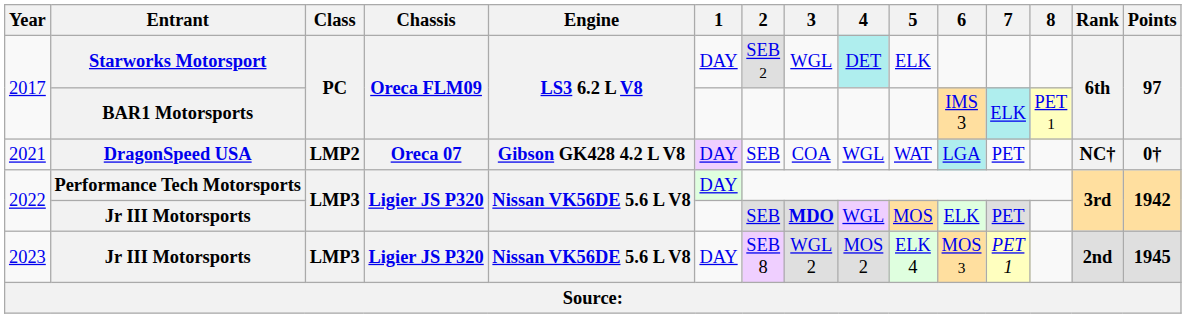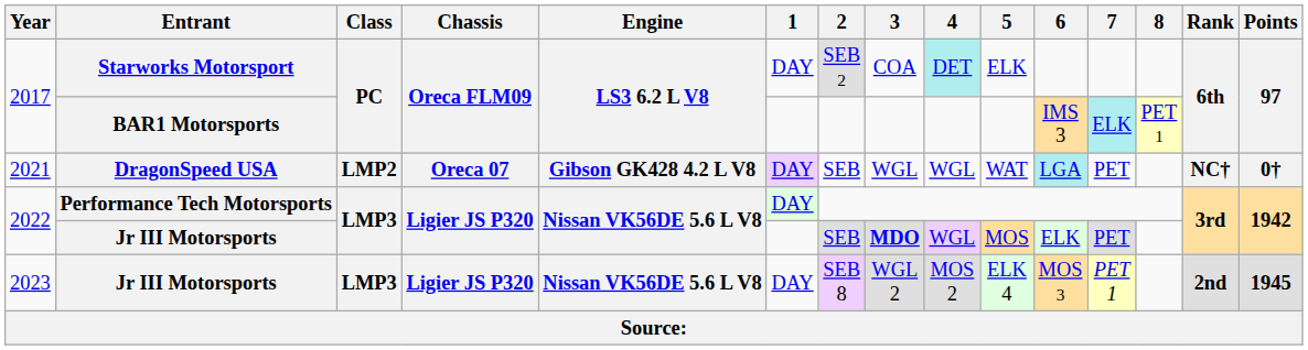 <table class="wikitable" style="text-align:center; font-size:90%">
 <tr>
 <th>Year</th>
 <th>Entrant</th>
 <th>Class</th>
 <th>Chassis</th>
 <th>Engine</th>
 <th>1</th>
 <th>2</th>
 <th>3</th>
 <th>4</th>
 <th>5</th>
 <th>6</th>
 <th>7</th>
 <th>8</th>
 <th>Rank</th>
 <th>Points</th>
 </tr>
 <tr>
 <td rowspan=2><a href='#'>2017</a></td>
 <th><a href='#'>Starworks Motorsport</a></th>
 <th rowspan=2>PC</th>
 <th rowspan=2><a href='#'>Oreca FLM09</a></th>
 <th rowspan=2><a href='#'>LS3</a> 6.2 L <a href='#'>V8</a></th>
 <td><a href='#'>DAY</a> <br><small> </small></td>
 <td style="background:#DFDFDF;"><a href='#'>SEB</a><br><small>2</small></td>
-<td><a href='#'>WGL</a></td>
+<td><a href='#'>COA</a> <br><small> </small></td>
 <td style="background: paleturquoise;"><a href='#'>DET</a> <br><small> </small></td>
 <td><a href='#'>ELK</a></td>
 <td></td>
 <td></td>
 <td></td>
 <th rowspan=2>6th</th>
 <th rowspan=2>97</th>
 </tr>
 <tr>
 <th>BAR1 Motorsports</th>
 <td></td>
 <td></td>
 <td></td>
 <td></td>
 <td></td>
 <td style="background:#FFDF9F;”"><a href='#'>IMS</a><br>3</td>
 <td style="background: paleturquoise;"><a href='#'>ELK</a> <br><small> </small></td>
 <td style="background:#ffffbf;"><a href='#'>PET</a><br><small>1</small></td>
 </tr>
 <tr>
 <td><a href='#'>2021</a></td>
 <th><a href='#'>DragonSpeed USA</a></th>
 <th>LMP2</th>
 <th><a href='#'>Oreca 07</a></th>
 <th><a href='#'>Gibson</a> GK428 4.2 L V8</th>
 <td style="background:#EFCFFF;"><a href='#'>DAY</a><br></td>
 <td><a href='#'>SEB</a></td>
-<td><a href='#'>COA</a> <br><small> </small></td>
+<td><a href='#'>WGL</a></td>
 <td><a href='#'>WGL</a></td>
 <td><a href='#'>WAT</a> <br><small> </small></td>
 <td style="background: paleturquoise;"><a href='#'>LGA</a></td>
 <td><a href='#'>PET</a></td>
 <td></td>
 <th>NC†</th>
 <th>0†</th>
 </tr>
 <tr>
 <td rowspan=2><a href='#'>2022</a></td>
 <th>Performance Tech Motorsports</th>
 <th rowspan=2>LMP3</th>
 <th rowspan=2><a href='#'>Ligier JS P320</a></th>
 <th rowspan=2><a href='#'>Nissan VK56DE</a> 5.6 L V8</th>
 <td style="background:#DFFFDF;"><a href='#'>DAY</a><br></td>
 <td colspan=7></td>
 <th rowspan=2 style="background:#FFDF9F;">3rd</th>
 <th rowspan=2 style="background:#FFDF9F;">1942</th>
 </tr>
 <tr>
 <th>Jr III Motorsports</th>
 <td></td>
 <td style="background:#DFDFDF;"><a href='#'>SEB</a><br></td>
 <td style="background:#DFDFDF;"><strong><a href='#'>MDO</a><br></strong></td>
 <td style="background:#EFCFFF;"><a href='#'>WGL</a><br></td>
 <td style="background:#FFDF9F;"><a href='#'>MOS</a><br></td>
 <td style="background:#DFFFDF;"><a href='#'>ELK</a><br></td>
 <td style="background:#DFDFDF;"><a href='#'>PET</a><br></td>
 <td></td>
 </tr>
 <tr>
 <td><a href='#'>2023</a></td>
 <th>Jr III Motorsports</th>
 <th>LMP3</th>
 <th><a href='#'>Ligier JS P320</a></th>
 <th><a href='#'>Nissan VK56DE</a> 5.6 L V8</th>
 <td style="background:#;”"><a href='#'>DAY</a><br></td>
 <td style="background:#EFCFFF;"><a href='#'>SEB</a><br>8</td>
 <td style="background:#DFDFDF;"><a href='#'>WGL</a><br>2</td>
 <td style="background:#DFDFDF;"><a href='#'>MOS</a><br>2</td>
 <td style="background:#DFFFDF;"><a href='#'>ELK</a><br>4</td>
 <td style="background:#ffdf9f;"><a href='#'>MOS</a><br><small>3</small></td>
 <td style="background:#FFFFBF;”"><em><a href='#'>PET</a><br>1</em></td>
 <td></td>
 <th style="background:#DFDFDF;">2nd</th>
 <th style="background:#DFDFDF;">1945</th>
 </tr>
 <tr>
 <th colspan="15">Source:</th>
 </tr>
 </table>
